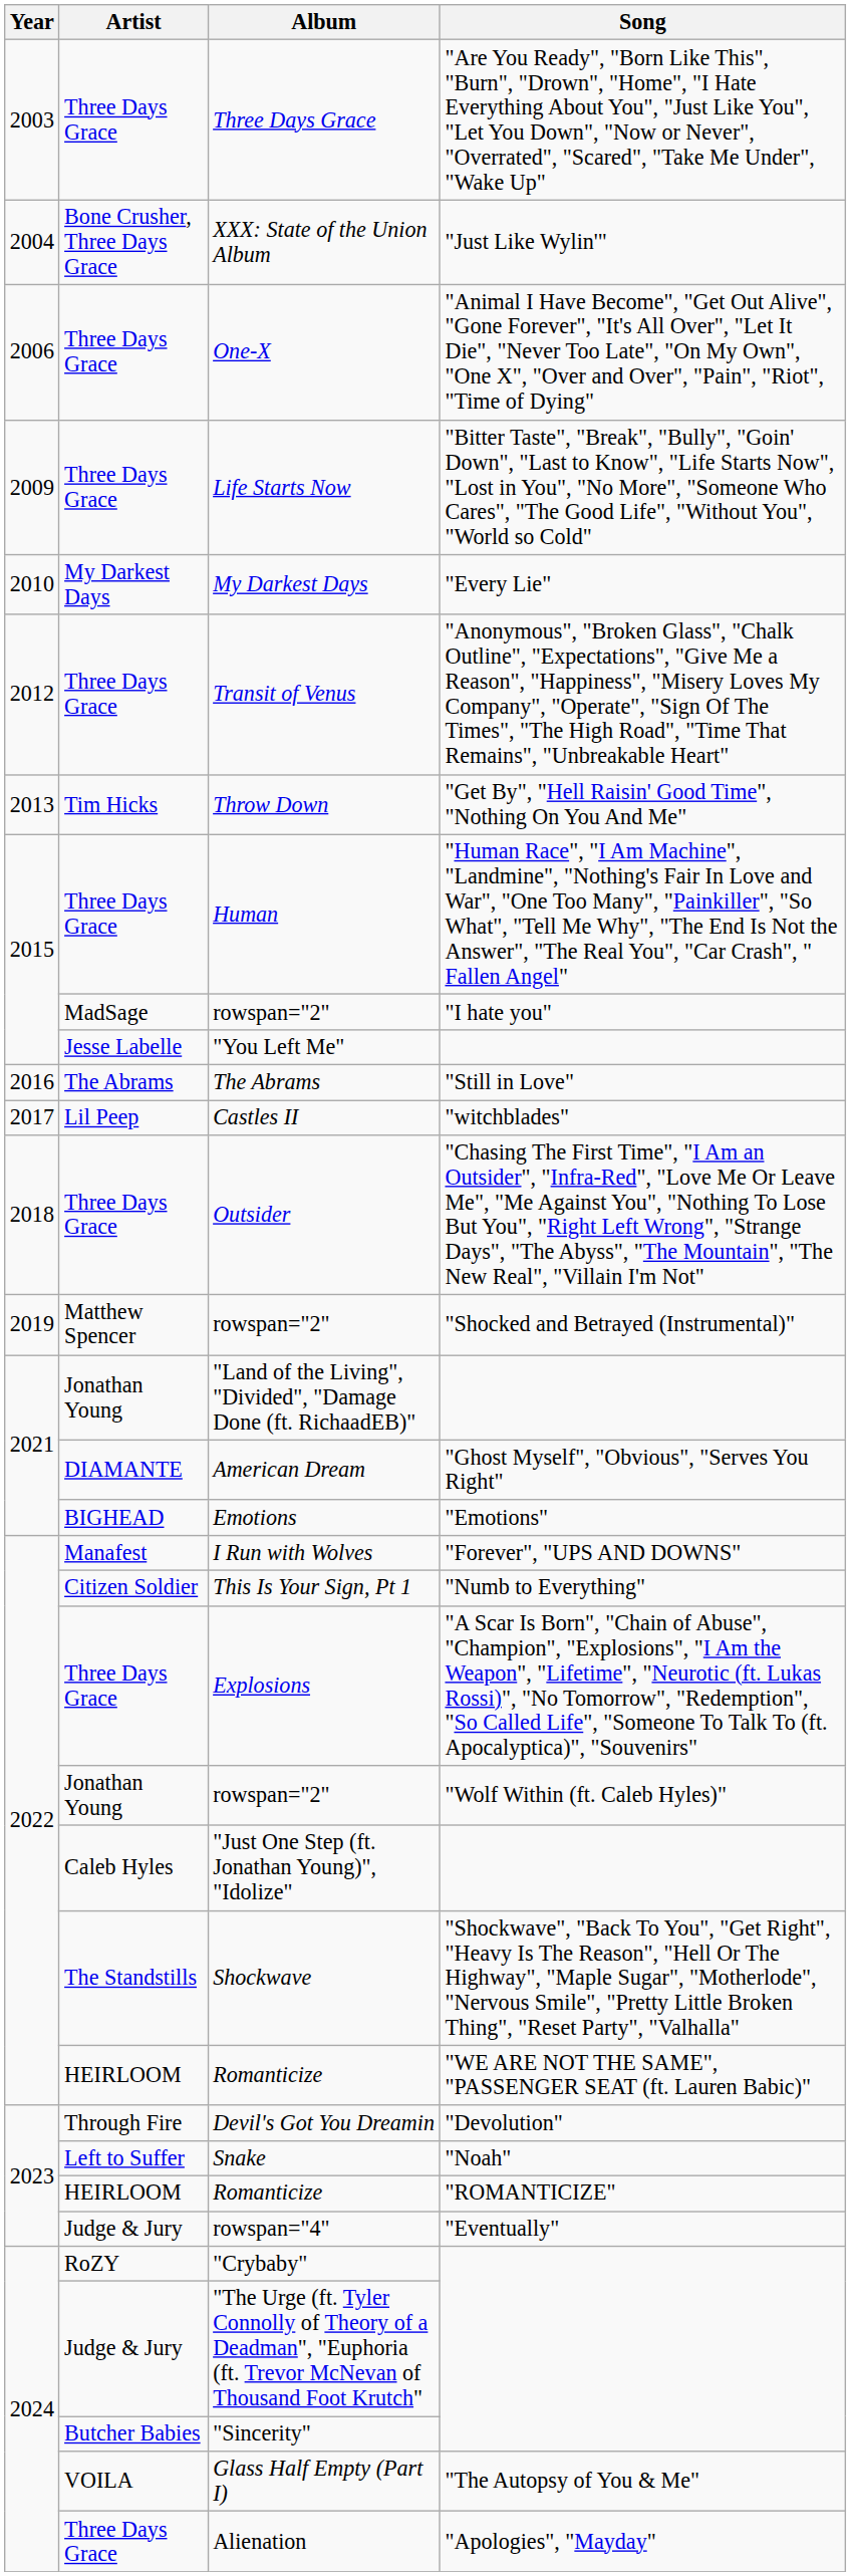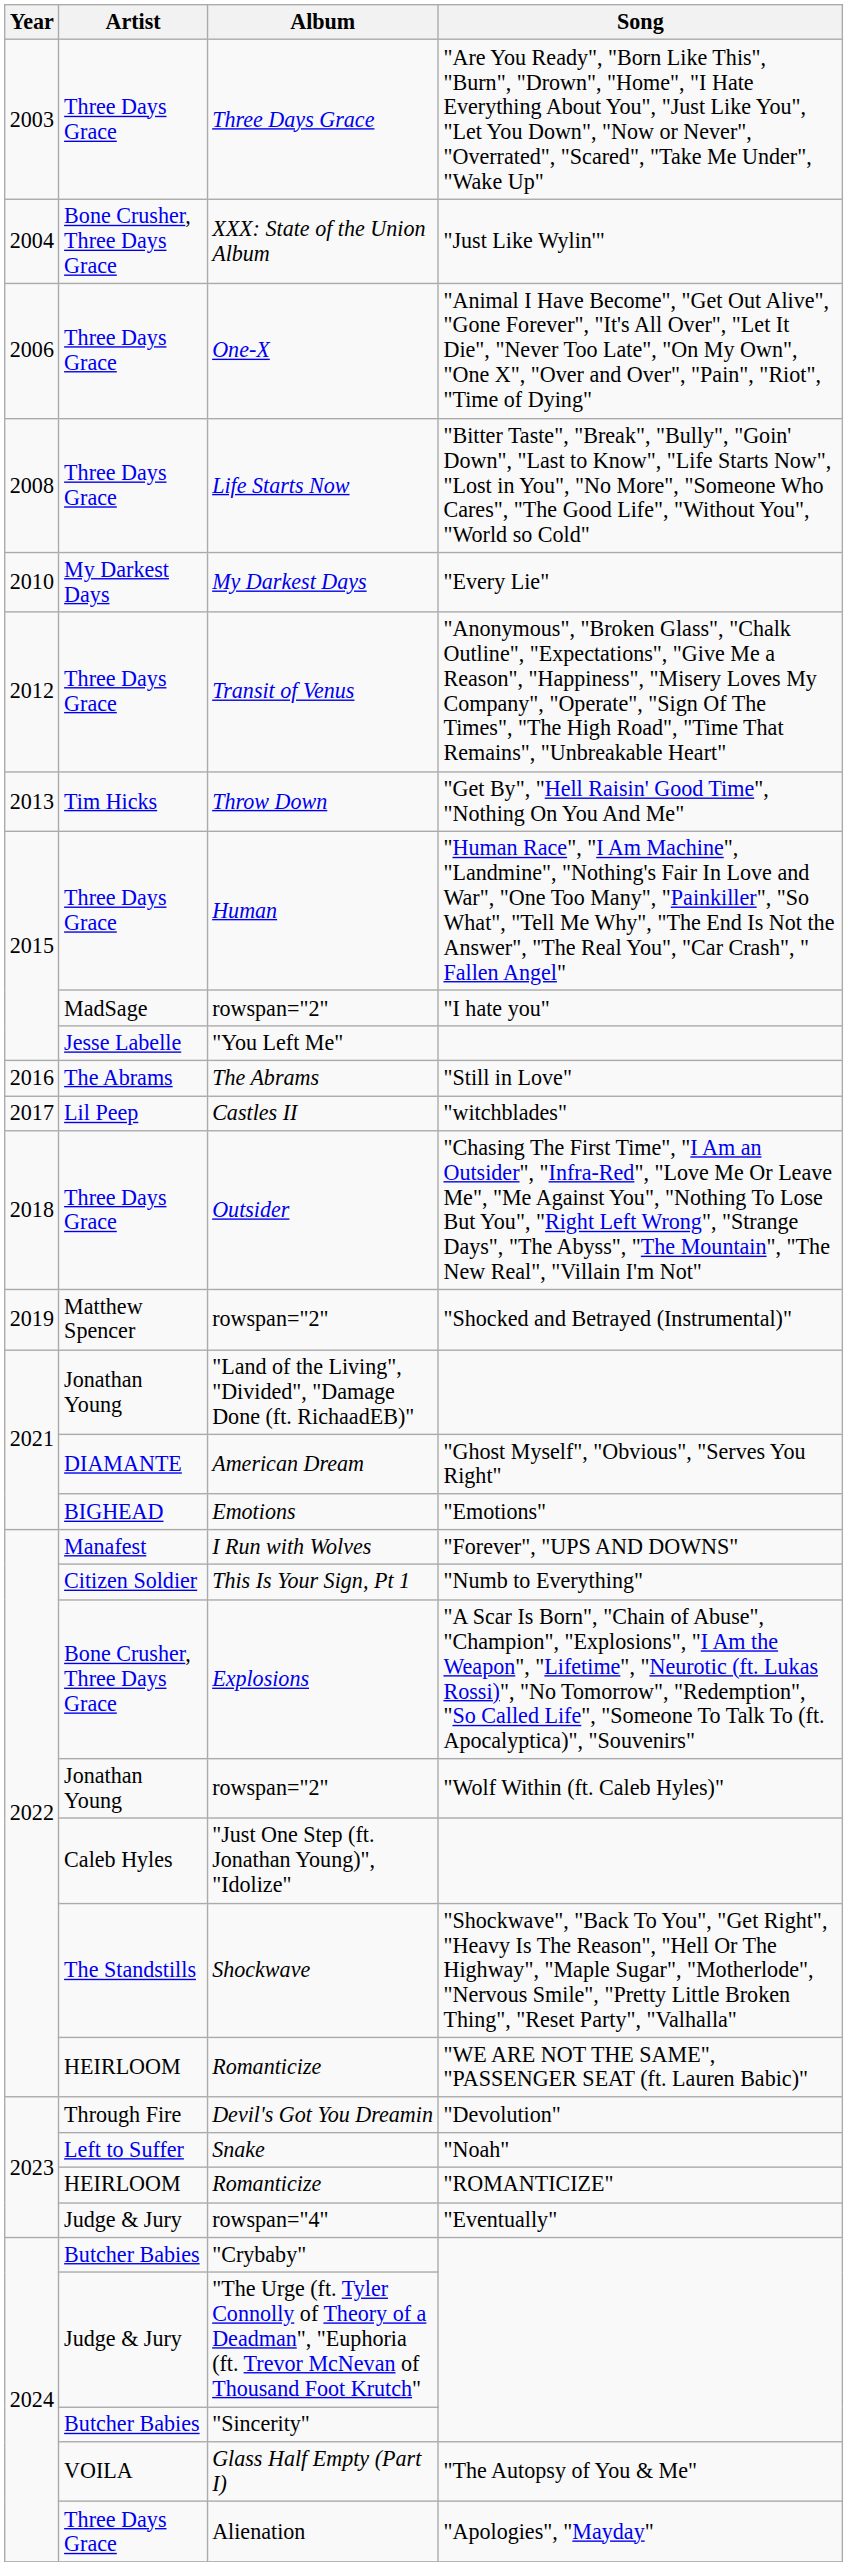 <table class="wikitable">
 <tr>
 <th>Year</th>
 <th>Artist</th>
 <th>Album</th>
 <th>Song</th>
 </tr>
 <tr>
 <td rowspan="1">2003</td>
 <td><a href='#'>Three Days Grace</a></td>
 <td><em><a href='#'>Three Days Grace</a></em></td>
 <td>"Are You Ready", "Born Like This", "Burn", "Drown", "Home", "I Hate Everything About You", "Just Like You", "Let You Down", "Now or Never", "Overrated", "Scared", "Take Me Under", "Wake Up"</td>
 </tr>
 <tr>
 <td rowspan="1">2004</td>
 <td><a href='#'>Bone Crusher</a>, <a href='#'>Three Days Grace</a></td>
 <td><em>XXX: State of the Union Album</em></td>
 <td>"Just Like Wylin'"</td>
 </tr>
 <tr>
 <td rowspan="1">2006</td>
 <td><a href='#'>Three Days Grace</a></td>
 <td><em><a href='#'>One-X</a></em></td>
 <td>"Animal I Have Become", "Get Out Alive", "Gone Forever", "It's All Over", "Let It Die", "Never Too Late", "On My Own", "One X", "Over and Over", "Pain", "Riot", "Time of Dying"</td>
 </tr>
 <tr>
-<td rowspan="1">2009</td>
+<td rowspan="1">2008</td>
 <td><a href='#'>Three Days Grace</a></td>
 <td><em><a href='#'>Life Starts Now</a></em></td>
 <td>"Bitter Taste", "Break", "Bully", "Goin' Down", "Last to Know", "Life Starts Now", "Lost in You", "No More", "Someone Who Cares", "The Good Life", "Without You", "World so Cold"</td>
 </tr>
 <tr>
 <td rowspan="1">2010</td>
 <td><a href='#'>My Darkest Days</a></td>
 <td><em><a href='#'>My Darkest Days</a></em></td>
 <td>"Every Lie"</td>
 </tr>
 <tr>
 <td rowspan="1">2012</td>
 <td><a href='#'>Three Days Grace</a></td>
 <td><em><a href='#'>Transit of Venus</a></em></td>
 <td>"Anonymous", "Broken Glass", "Chalk Outline", "Expectations", "Give Me a Reason", "Happiness", "Misery Loves My Company", "Operate", "Sign Of The Times", "The High Road", "Time That Remains", "Unbreakable Heart"</td>
 </tr>
 <tr>
 <td>2013</td>
 <td><a href='#'>Tim Hicks</a></td>
 <td><em><a href='#'>Throw Down</a></em></td>
 <td>"Get By", "<a href='#'>Hell Raisin' Good Time</a>", "Nothing On You And Me"</td>
 </tr>
 <tr>
 <td rowspan="3">2015</td>
 <td><a href='#'>Three Days Grace</a></td>
 <td><em><a href='#'>Human</a></em></td>
 <td>"<a href='#'>Human Race</a>", "<a href='#'>I Am Machine</a>", "Landmine", "Nothing's Fair In Love and War", "One Too Many", "<a href='#'>Painkiller</a>", "So What", "Tell Me Why", "The End Is Not the Answer", "The Real You", "Car Crash", "<a href='#'> Fallen Angel</a>"</td>
 </tr>
 <tr>
 <td>MadSage</td>
 <td>rowspan="2" </td>
 <td>"I hate you"</td>
 </tr>
 <tr>
 <td><a href='#'>Jesse Labelle</a></td>
 <td>"You Left Me"</td>
 </tr>
 <tr>
 <td rowspan="1">2016</td>
 <td><a href='#'>The Abrams</a></td>
 <td><em>The Abrams</em></td>
 <td>"Still in Love"</td>
 </tr>
 <tr>
 <td rowspan="1">2017</td>
 <td><a href='#'>Lil Peep</a></td>
 <td><em>Castles II</em></td>
 <td>"witchblades"</td>
 </tr>
 <tr>
 <td rowspan="1">2018</td>
 <td><a href='#'>Three Days Grace</a></td>
 <td><em><a href='#'>Outsider</a></em></td>
 <td>"Chasing The First Time", "<a href='#'>I Am an Outsider</a>", "<a href='#'>Infra-Red</a>", "Love Me Or Leave Me", "Me Against You", "Nothing To Lose But You", "<a href='#'>Right Left Wrong</a>", "Strange Days", "The Abyss", "<a href='#'>The Mountain</a>", "The New Real", "Villain I'm Not"</td>
 </tr>
 <tr>
 <td rowspan="1">2019</td>
 <td>Matthew Spencer</td>
 <td>rowspan="2" </td>
 <td>"Shocked and Betrayed (Instrumental)"</td>
 </tr>
 <tr>
 <td rowspan="3">2021</td>
 <td>Jonathan Young</td>
 <td>"Land of the Living", "Divided", "Damage Done (ft. RichaadEB)"</td>
 </tr>
 <tr>
 <td><a href='#'>DIAMANTE</a></td>
 <td><em>American Dream</em></td>
 <td>"Ghost Myself", "Obvious", "Serves You Right"</td>
 </tr>
 <tr>
 <td><a href='#'>BIGHEAD</a></td>
 <td><em>Emotions</em></td>
 <td>"Emotions"</td>
 </tr>
 <tr>
 <td rowspan="7">2022</td>
 <td><a href='#'>Manafest</a></td>
 <td><em>I Run with Wolves</em></td>
 <td>"Forever", "UPS AND DOWNS"</td>
 </tr>
 <tr>
 <td><a href='#'>Citizen Soldier</a></td>
 <td><em>This Is Your Sign, Pt 1</em></td>
 <td>"Numb to Everything"</td>
 </tr>
 <tr>
-<td><a href='#'>Three Days Grace</a></td>
+<td><a href='#'>Bone Crusher</a>, <a href='#'>Three Days Grace</a></td>
 <td><em><a href='#'>Explosions</a></em></td>
 <td>"A Scar Is Born", "Chain of Abuse", "Champion", "Explosions", "<a href='#'>I Am the Weapon</a>", "<a href='#'>Lifetime</a>", "<a href='#'>Neurotic (ft. Lukas Rossi)</a>", "No Tomorrow", "Redemption", "<a href='#'>So Called Life</a>", "Someone To Talk To (ft. Apocalyptica)", "Souvenirs"</td>
 </tr>
 <tr>
 <td>Jonathan Young</td>
 <td>rowspan="2" </td>
 <td>"Wolf Within (ft. Caleb Hyles)"</td>
 </tr>
 <tr>
 <td>Caleb Hyles</td>
 <td>"Just One Step (ft. Jonathan Young)", "Idolize"</td>
 </tr>
 <tr>
 <td><a href='#'>The Standstills</a></td>
 <td><em>Shockwave</em></td>
 <td>"Shockwave", "Back To You", "Get Right", "Heavy Is The Reason", "Hell Or The Highway", "Maple Sugar", "Motherlode", "Nervous Smile", "Pretty Little Broken Thing", "Reset Party", "Valhalla"</td>
 </tr>
 <tr>
 <td>HEIRLOOM</td>
 <td><em>Romanticize</em></td>
 <td>"WE ARE NOT THE SAME", "PASSENGER SEAT (ft. Lauren Babic)"</td>
 </tr>
 <tr>
 <td rowspan="4">2023</td>
 <td>Through Fire</td>
 <td><em>Devil's Got You Dreamin</em></td>
 <td>"Devolution"</td>
 </tr>
 <tr>
 <td><a href='#'>Left to Suffer</a></td>
 <td><em>Snake</em></td>
 <td>"Noah"</td>
 </tr>
 <tr>
 <td>HEIRLOOM</td>
 <td><em>Romanticize</em></td>
 <td>"ROMANTICIZE"</td>
 </tr>
 <tr>
 <td>Judge & Jury</td>
 <td>rowspan="4" </td>
 <td>"Eventually"</td>
 </tr>
 <tr>
 <td rowspan="5">2024</td>
-<td>RoZY</td>
+<td><a href='#'>Butcher Babies</a></td>
 <td>"Crybaby"</td>
 </tr>
 <tr>
 <td>Judge & Jury</td>
 <td>"The Urge (ft. <a href='#'>Tyler Connolly</a> of <a href='#'>Theory of a Deadman</a>", "Euphoria (ft. <a href='#'>Trevor McNevan</a> of <a href='#'>Thousand Foot Krutch</a>"</td>
 </tr>
 <tr>
 <td><a href='#'>Butcher Babies</a></td>
 <td>"Sincerity"</td>
 </tr>
 <tr>
 <td>VOILA</td>
 <td><em>Glass Half Empty (Part I)</td>
 <td>"The Autopsy of You & Me"</td>
 </tr>
 <tr>
 <td><a href='#'>Three Days Grace</a></td>
 <td></em>Alienation<em></td>
 <td>"Apologies", "<a href='#'>Mayday</a>"</td>
 </tr>
 </table>
